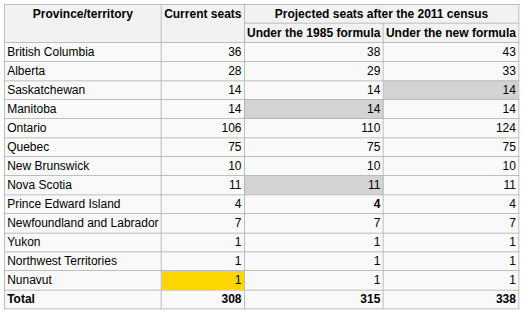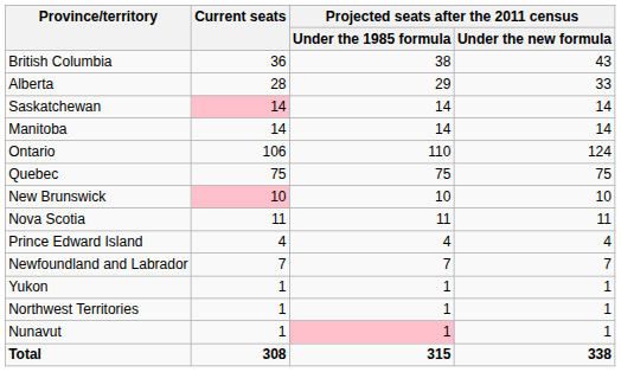 <table class="wikitable" style="text-align:right">
 <tr valign="top">
 <th rowspan="2">Province/territory</th>
 <th rowspan="2">Current seats</th>
 <th colspan="2">Projected seats after the 2011 census</th>
 </tr>
 <tr>
 <th>Under the 1985 formula</th>
 <th>Under the new formula</th>
 </tr>
 <tr valign="top">
 <td style="text-align:left;">British Columbia</td>
 <td>36</td>
 <td>38</td>
 <td>43</td>
 </tr>
 <tr valign="top">
 <td style="text-align:left;">Alberta</td>
 <td>28</td>
 <td>29</td>
 <td>33</td>
 </tr>
 <tr valign="top">
 <td style="text-align:left;">Saskatchewan</td>
+<td style="background: pink;">14</td>
 <td>14</td>
 <td>14</td>
-<td style="background: lightgrey;">14</td>
 </tr>
 <tr valign="top">
 <td style="text-align:left;">Manitoba</td>
 <td>14</td>
-<td style="background: lightgrey;">14</td>
+<td>14</td>
 <td>14</td>
 </tr>
 <tr valign="top">
 <td style="text-align:left;">Ontario</td>
 <td>106</td>
 <td>110</td>
 <td>124</td>
 </tr>
 <tr valign="top">
 <td style="text-align:left;">Quebec</td>
 <td>75</td>
 <td>75</td>
 <td>75</td>
 </tr>
 <tr valign="top">
 <td style="text-align:left;">New Brunswick</td>
-<td>10</td>
+<td style="background: pink;">10</td>
 <td>10</td>
 <td>10</td>
 </tr>
 <tr valign="top">
 <td style="text-align:left;">Nova Scotia</td>
 <td>11</td>
-<td style="background: lightgrey;">11</td>
+<td>11</td>
 <td>11</td>
 </tr>
 <tr valign="top">
 <td style="text-align:left;">Prince Edward Island</td>
 <td>4</td>
-<td><strong>4</strong></td>
+<td>4</td>
 <td>4</td>
 </tr>
 <tr valign="top">
 <td style="text-align:left;">Newfoundland and Labrador</td>
 <td>7</td>
 <td>7</td>
 <td>7</td>
 </tr>
 <tr valign="top">
 <td style="text-align:left;">Yukon</td>
 <td>1</td>
 <td>1</td>
 <td>1</td>
 </tr>
 <tr valign="top">
 <td style="text-align:left;">Northwest Territories</td>
 <td>1</td>
 <td>1</td>
 <td>1</td>
 </tr>
 <tr valign="top">
 <td style="text-align:left;">Nunavut</td>
-<td style="background: gold;">1</td>
 <td>1</td>
+<td style="background: pink;">1</td>
 <td>1</td>
 </tr>
 <tr valign="top">
 <td style="text-align:left;"><strong>Total</strong></td>
 <td><strong>308</strong></td>
 <td><strong>315</strong></td>
 <td><strong>338</strong></td>
 </tr>
 </table>
